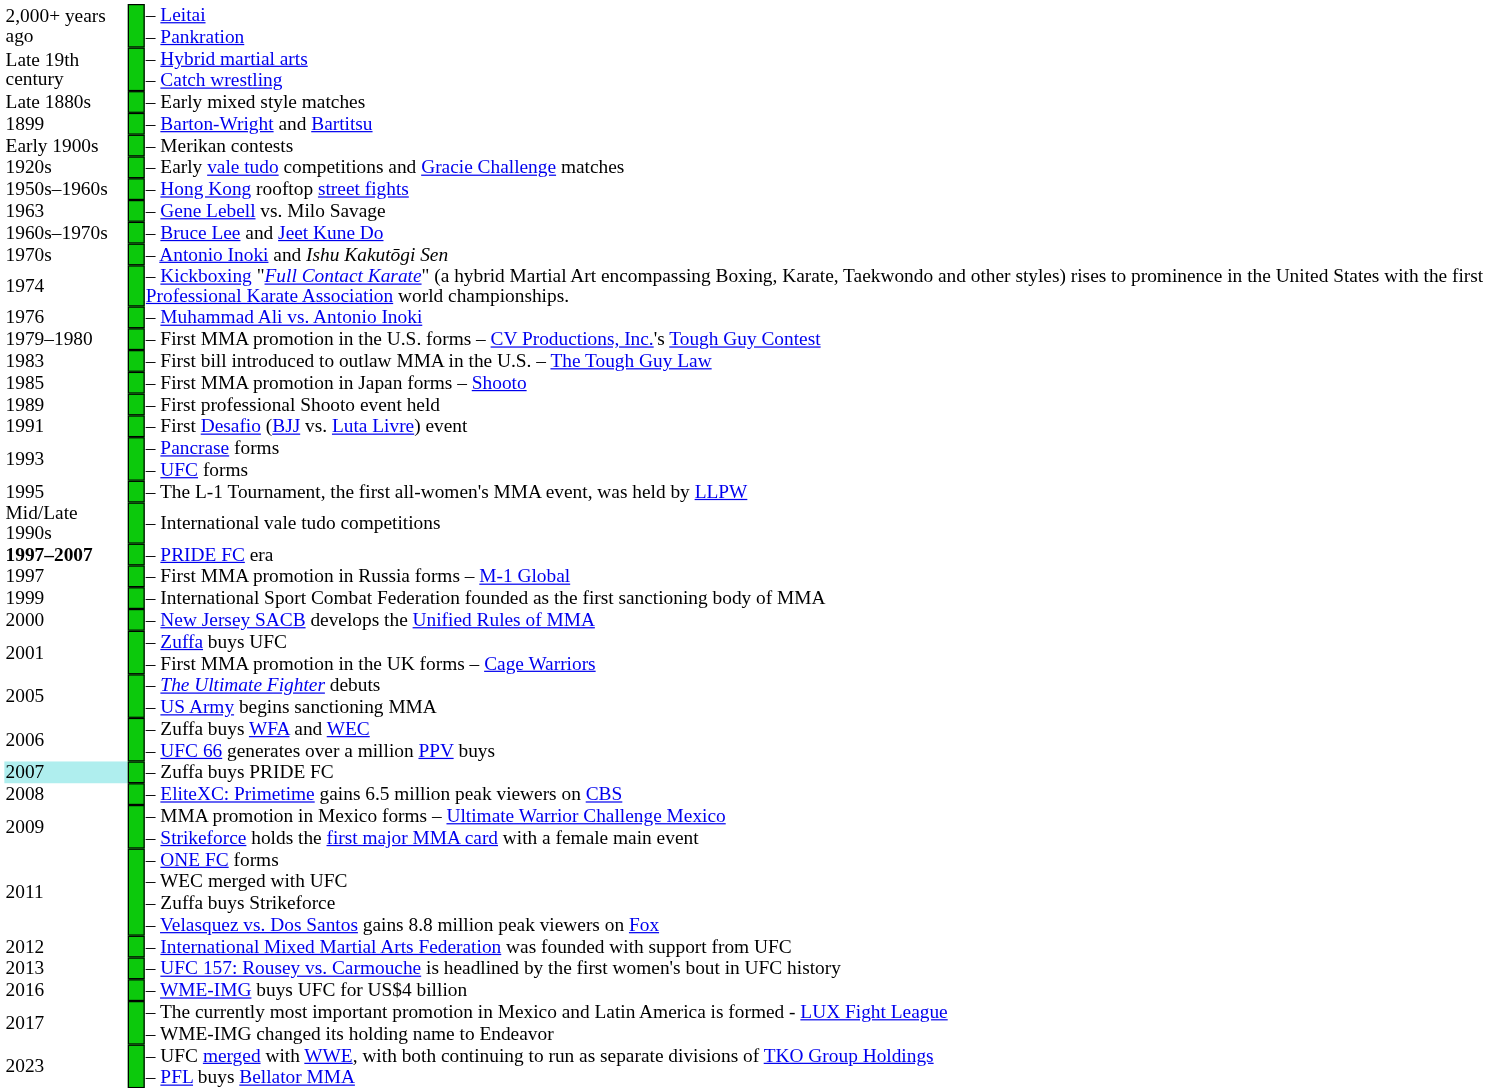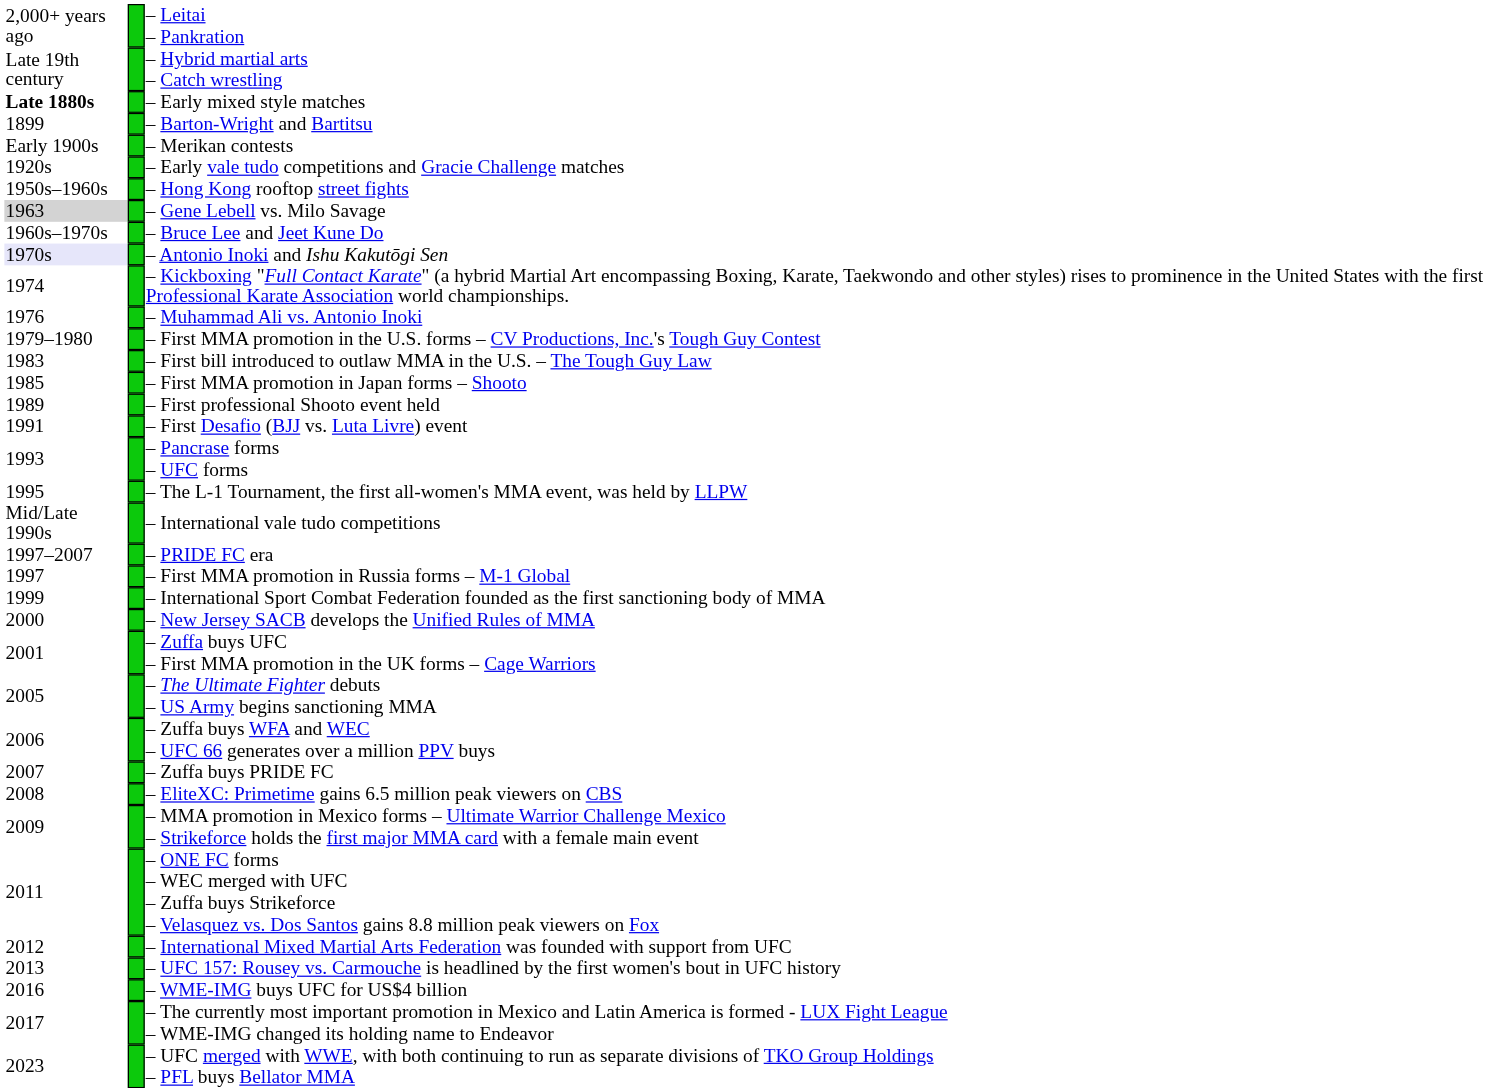 <table style="margin:0 0 0.5ex 1em; font-size:100%; line-height:100%;" cellspacing="0" cellpadding="1">
 <tr>
 <td rowspan="2">2,000+ years ago</td>
 <th rowspan="2" style="background: rgb(12, 201, 12); border: 1px solid black; border-image: none; width: 10px;"></th>
 <td>– <a href='#'>Leitai</a></td>
 </tr>
 <tr>
 <td>– <a href='#'>Pankration</a></td>
 </tr>
 <tr>
 <td rowspan="2">Late 19th century</td>
 <th rowspan="2" style="background: rgb(12, 201, 12); border: 1px solid black; border-image: none; width: 10px;"></th>
 <td>– <a href='#'>Hybrid martial arts</a></td>
 </tr>
 <tr>
 <td>– <a href='#'>Catch wrestling</a></td>
 </tr>
 <tr>
-<td>Late 1880s</td>
+<td><strong>Late 1880s</strong></td>
 <th style="background: rgb(12, 201, 12); border: 1px solid black; border-image: none; width: 10px;"></th>
 <td>– Early mixed style matches</td>
 </tr>
 <tr>
 <td>1899</td>
 <th style="background: rgb(12, 201, 12); border: 1px solid black; border-image: none; width: 10px;"></th>
 <td>– <a href='#'>Barton-Wright</a> and <a href='#'>Bartitsu</a></td>
 </tr>
 <tr>
 <td>Early 1900s</td>
 <th style="background: rgb(12, 201, 12); border: 1px solid black; border-image: none; width: 10px;"></th>
 <td>– Merikan contests</td>
 </tr>
 <tr>
 <td>1920s</td>
 <th style="background: rgb(12, 201, 12); border: 1px solid black; border-image: none; width: 10px;"></th>
 <td>– Early <a href='#'>vale tudo</a> competitions and <a href='#'>Gracie Challenge</a> matches</td>
 </tr>
 <tr>
 <td>1950s–1960s</td>
 <th style="background: rgb(12, 201, 12); border: 1px solid black; border-image: none; width: 10px;"></th>
 <td>– <a href='#'>Hong Kong</a> rooftop <a href='#'>street fights</a></td>
 </tr>
 <tr>
-<td>1963</td>
+<td style="background: lightgrey;">1963</td>
 <th style="background: rgb(12, 201, 12); border: 1px solid black; border-image: none; width: 10px;"></th>
 <td>– <a href='#'>Gene Lebell</a> vs. Milo Savage</td>
 </tr>
 <tr>
 <td>1960s–1970s</td>
 <th style="background: rgb(12, 201, 12); border: 1px solid black; border-image: none; width: 10px;"></th>
 <td>– <a href='#'>Bruce Lee</a> and <a href='#'>Jeet Kune Do</a></td>
 </tr>
 <tr>
-<td>1970s</td>
+<td style="background: lavender;">1970s</td>
 <th style="background: rgb(12, 201, 12); border: 1px solid black; border-image: none; width: 10px;"></th>
 <td>– <a href='#'>Antonio Inoki</a> and <em>Ishu Kakutōgi Sen</em></td>
 </tr>
 <tr>
 <td>1974</td>
 <th style="background: rgb(12, 201, 12); border: 1px solid black; border-image: none; width: 10px;"></th>
 <td>– <a href='#'>Kickboxing</a> "<em><a href='#'>Full Contact Karate</a></em>" (a hybrid Martial Art encompassing Boxing, Karate, Taekwondo and other styles) rises to prominence in the United States with the first <a href='#'>Professional Karate Association</a> world championships.</td>
 </tr>
 <tr>
 <td>1976</td>
 <th style="background: rgb(12, 201, 12); border: 1px solid black; border-image: none; width: 10px;"></th>
 <td>– <a href='#'>Muhammad Ali vs. Antonio Inoki</a></td>
 </tr>
 <tr>
 <td>1979–1980</td>
 <th style="background: rgb(12, 201, 12); border: 1px solid black; border-image: none; width: 10px;"></th>
 <td>– First MMA promotion in the U.S. forms – <a href='#'>CV Productions, Inc.</a>'s <a href='#'>Tough Guy Contest</a></td>
 </tr>
 <tr>
 <td>1983</td>
 <th style="background: rgb(12, 201, 12); border: 1px solid black; border-image: none; width: 10px;"></th>
 <td>– First bill introduced to outlaw MMA in the U.S. – <a href='#'>The Tough Guy Law</a></td>
 </tr>
 <tr>
 <td>1985</td>
 <th style="background: rgb(12, 201, 12); border: 1px solid black; border-image: none; width: 10px;"></th>
 <td>– First MMA promotion in Japan forms – <a href='#'>Shooto</a></td>
 </tr>
 <tr>
 <td>1989</td>
 <th style="background: rgb(12, 201, 12); border: 1px solid black; border-image: none; width: 10px;"></th>
 <td>– First professional Shooto event held</td>
 </tr>
 <tr>
 <td>1991</td>
 <th style="background: rgb(12, 201, 12); border: 1px solid black; border-image: none; width: 10px;"></th>
 <td>– First <a href='#'>Desafio</a> (<a href='#'>BJJ</a> vs. <a href='#'>Luta Livre</a>) event</td>
 </tr>
 <tr>
 <td rowspan="2">1993</td>
 <th rowspan="2" style="background: rgb(12, 201, 12); border: 1px solid black; border-image: none; width: 10px;"></th>
 <td>– <a href='#'>Pancrase</a> forms</td>
 </tr>
 <tr>
 <td>– <a href='#'>UFC</a> forms</td>
 </tr>
 <tr>
 <td>1995</td>
 <th style="background: rgb(12, 201, 12); border: 1px solid black; border-image: none; width: 10px;"></th>
 <td>– The L-1 Tournament, the first all-women's MMA event, was held by <a href='#'>LLPW</a></td>
 </tr>
 <tr>
 <td>Mid/Late 1990s</td>
 <th style="background: rgb(12, 201, 12); border: 1px solid black; border-image: none; width: 10px;"></th>
 <td>– International vale tudo competitions</td>
 </tr>
 <tr>
-<td><strong>1997–2007</strong></td>
+<td>1997–2007</td>
 <th style="background: rgb(12, 201, 12); border: 1px solid black; border-image: none; width: 10px;"></th>
 <td>– <a href='#'>PRIDE FC</a> era</td>
 </tr>
 <tr>
 <td>1997</td>
 <th style="background: rgb(12, 201, 12); border: 1px solid black; border-image: none; width: 10px;"></th>
 <td>– First MMA promotion in Russia forms – <a href='#'>M-1 Global</a></td>
 </tr>
 <tr>
 <td>1999</td>
 <th style="background: rgb(12, 201, 12); border: 1px solid black; border-image: none; width: 10px;"></th>
 <td>– International Sport Combat Federation founded as the first sanctioning body of MMA</td>
 </tr>
 <tr>
 <td>2000</td>
 <th style="background: rgb(12, 201, 12); border: 1px solid black; border-image: none; width: 10px;"></th>
 <td>– <a href='#'>New Jersey SACB</a> develops the <a href='#'>Unified Rules of MMA</a></td>
 </tr>
 <tr>
 <td rowspan="2">2001</td>
 <th rowspan="2" style="background: rgb(12, 201, 12); border: 1px solid black; border-image: none; width: 10px;"></th>
 <td>– <a href='#'>Zuffa</a> buys UFC</td>
 </tr>
 <tr>
 <td>– First MMA promotion in the UK forms – <a href='#'>Cage Warriors</a></td>
 </tr>
 <tr>
 <td rowspan="2">2005</td>
 <th rowspan="2" style="background: rgb(12, 201, 12); border: 1px solid black; border-image: none; width: 10px;"></th>
 <td>– <em><a href='#'>The Ultimate Fighter</a></em> debuts</td>
 </tr>
 <tr>
 <td>– <a href='#'>US Army</a> begins sanctioning MMA</td>
 </tr>
 <tr>
 <td rowspan="2">2006</td>
 <th rowspan="2" style="background: rgb(12, 201, 12); border: 1px solid black; border-image: none; width: 10px;"></th>
 <td>– Zuffa buys <a href='#'>WFA</a> and <a href='#'>WEC</a></td>
 </tr>
 <tr>
 <td>– <a href='#'>UFC 66</a> generates over a million <a href='#'>PPV</a> buys</td>
 </tr>
 <tr>
-<td style="background: paleturquoise;">2007</td>
+<td>2007</td>
 <th style="background: rgb(12, 201, 12); border: 1px solid black; border-image: none; width: 10px;"></th>
 <td>– Zuffa buys PRIDE FC</td>
 </tr>
 <tr>
 <td>2008</td>
 <th style="background: rgb(12, 201, 12); border: 1px solid black; border-image: none; width: 10px;"></th>
 <td>– <a href='#'>EliteXC: Primetime</a> gains 6.5 million peak viewers on <a href='#'>CBS</a></td>
 </tr>
 <tr>
 <td rowspan="2">2009</td>
 <th rowspan="2" style="background: rgb(12, 201, 12); border: 1px solid black; border-image: none; width: 10px;"></th>
 <td>– MMA promotion in Mexico forms – <a href='#'>Ultimate Warrior Challenge Mexico</a></td>
 </tr>
 <tr>
 <td>– <a href='#'>Strikeforce</a> holds the <a href='#'>first major MMA card</a> with a female main event</td>
 </tr>
 <tr>
 <td rowspan="4">2011</td>
 <th rowspan="4" style="background: rgb(12, 201, 12); border: 1px solid black; border-image: none; width: 10px;"></th>
 <td>– <a href='#'>ONE FC</a> forms</td>
 </tr>
 <tr>
 <td>– WEC merged with UFC</td>
 </tr>
 <tr>
 <td>– Zuffa buys Strikeforce</td>
 </tr>
 <tr>
 <td>– <a href='#'>Velasquez vs. Dos Santos</a> gains 8.8 million peak viewers on <a href='#'>Fox</a></td>
 </tr>
 <tr>
 <td>2012</td>
 <th style="background: rgb(12, 201, 12); border: 1px solid black; border-image: none; width: 10px;"></th>
 <td>– <a href='#'>International Mixed Martial Arts Federation</a> was founded with support from UFC</td>
 </tr>
 <tr>
 <td>2013</td>
 <th style="background: rgb(12, 201, 12); border: 1px solid black; border-image: none; width: 10px;"></th>
 <td>– <a href='#'>UFC 157: Rousey vs. Carmouche</a> is headlined by the first women's bout in UFC history</td>
 </tr>
 <tr>
 <td>2016</td>
 <th style="background: rgb(12, 201, 12); border: 1px solid black; border-image: none; width: 10px;"></th>
 <td>– <a href='#'>WME-IMG</a> buys UFC for US$4 billion</td>
 </tr>
 <tr>
 <td rowspan="2">2017</td>
 <th rowspan="2" style="background: rgb(12, 201, 12); border: 1px solid black; border-image: none; width: 10px;"></th>
 <td>– The currently most important promotion in Mexico and Latin America is formed - <a href='#'>LUX Fight League</a></td>
 </tr>
 <tr>
 <td>– WME-IMG changed its holding name to Endeavor</td>
 </tr>
 <tr>
 <td rowspan="2">2023</td>
 <th rowspan="2" style="background: rgb(12, 201, 12); border: 1px solid black; border-image: none; width: 10px;"></th>
 <td>– UFC <a href='#'>merged</a> with <a href='#'>WWE</a>, with both continuing to run as separate divisions of <a href='#'>TKO Group Holdings</a></td>
 </tr>
 <tr>
 <td>– <a href='#'>PFL</a> buys <a href='#'>Bellator MMA</a></td>
 </tr>
 <tr>
 </tr>
 </table>
